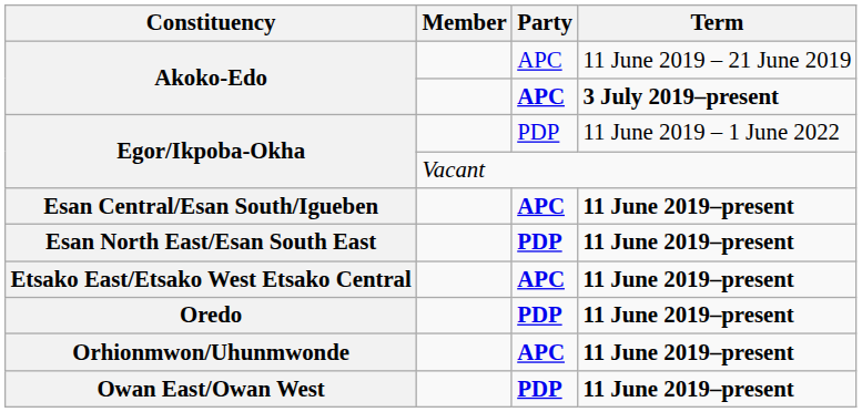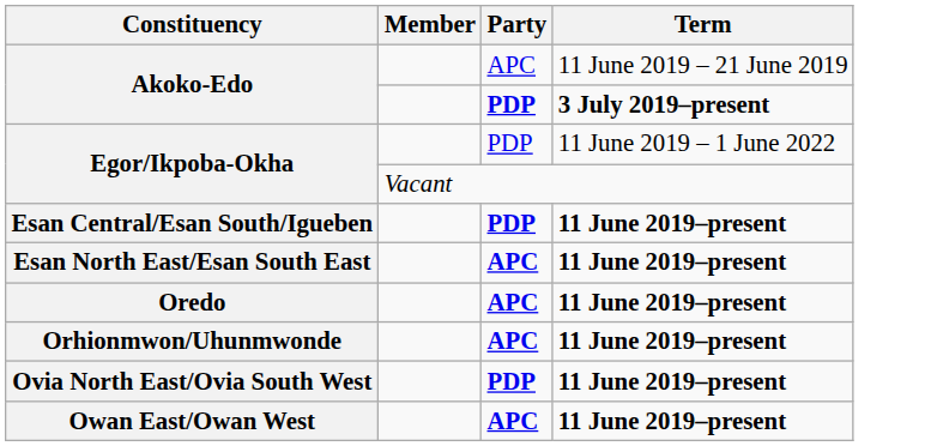 <table class="wikitable">
 <tr valign=bottom>
 <th>Constituency</th>
 <th>Member</th>
 <th>Party</th>
 <th>Term</th>
 </tr>
 <tr>
 <th rowspan=2>Akoko-Edo</th>
 <td style="opacity:.3;"></td>
 <td><a href='#'>APC</a></td>
 <td>11 June 2019 – 21 June 2019</td>
 </tr>
 <tr>
 <td><strong></strong></td>
-<td><strong><a href='#'>APC</a></strong></td>
+<td><strong><a href='#'>PDP</a></strong></td>
 <td><strong>3 July 2019–present</strong></td>
 </tr>
 <tr>
 <th rowspan=2>Egor/Ikpoba-Okha</th>
 <td style="opacity:.3;"></td>
 <td><a href='#'>PDP</a></td>
 <td>11 June 2019 – 1 June 2022</td>
 </tr>
 <tr>
 <td colspan=3><em>Vacant</em></td>
 </tr>
 <tr>
 <th>Esan Central/Esan South/Igueben</th>
 <td><strong></strong></td>
-<td><strong><a href='#'>APC</a></strong></td>
+<td><strong><a href='#'>PDP</a></strong></td>
 <td><strong>11 June 2019–present</strong></td>
 </tr>
 <tr>
 <th>Esan North East/Esan South East</th>
-<td><strong></strong></td>
-<td><strong><a href='#'>PDP</a></strong></td>
-<td><strong>11 June 2019–present</strong></td>
-</tr>
-<tr>
-<th>Etsako East/Etsako West Etsako Central</th>
 <td><strong></strong></td>
 <td><strong><a href='#'>APC</a></strong></td>
 <td><strong>11 June 2019–present</strong></td>
 </tr>
 <tr>
 <th>Oredo</th>
 <td><strong></strong></td>
-<td><strong><a href='#'>PDP</a></strong></td>
+<td><strong><a href='#'>APC</a></strong></td>
 <td><strong>11 June 2019–present</strong></td>
 </tr>
 <tr>
 <th>Orhionmwon/Uhunmwonde</th>
 <td><strong></strong></td>
 <td><strong><a href='#'>APC</a></strong></td>
 <td><strong>11 June 2019–present</strong></td>
 </tr>
 <tr>
-<th>Owan East/Owan West</th>
+<th>Ovia North East/Ovia South West</th>
 <td><strong></strong></td>
 <td><strong><a href='#'>PDP</a></strong></td>
 <td><strong>11 June 2019–present</strong></td>
 </tr>
+<tr>
+<th>Owan East/Owan West</th>
+<td><strong></strong></td>
+<td><strong><a href='#'>APC</a></strong></td>
+<td><strong>11 June 2019–present</strong></td>
+</tr>
 </table>
